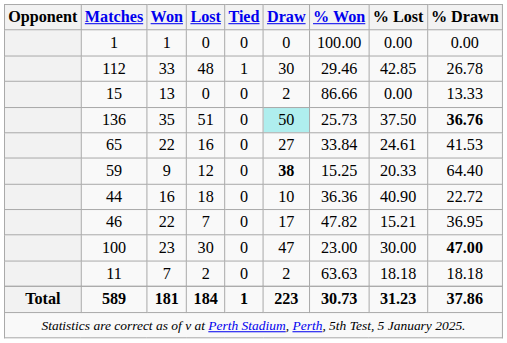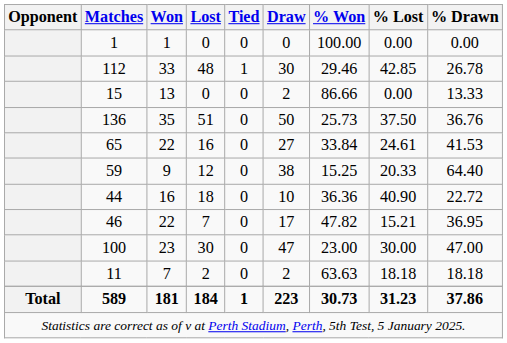 <table class="wikitable sortable" style="text-align:center">
 <tr>
 <th scope="col">Opponent</th>
 <th scope="col"><a href='#'>Matches</a></th>
 <th scope="col"><a href='#'>Won</a></th>
 <th scope="col"><a href='#'>Lost</a></th>
 <th scope="col"><a href='#'>Tied</a></th>
 <th scope="col"><a href='#'>Draw</a></th>
 <th scope="col"><a href='#'>% Won</a></th>
 <th scope="col">% Lost</th>
 <th scope="col">% Drawn</th>
 </tr>
 <tr>
 <th scope="row"></th>
 <td>1</td>
 <td>1</td>
 <td>0</td>
 <td>0</td>
 <td>0</td>
 <td>100.00</td>
 <td>0.00</td>
 <td>0.00</td>
 </tr>
 <tr>
 <th scope="row"></th>
 <td>112</td>
 <td>33</td>
 <td>48</td>
 <td>1</td>
 <td>30</td>
 <td>29.46</td>
 <td>42.85</td>
 <td>26.78</td>
 </tr>
 <tr>
 <th scope="row"></th>
 <td>15</td>
 <td>13</td>
 <td>0</td>
 <td>0</td>
 <td>2</td>
 <td>86.66</td>
 <td>0.00</td>
 <td>13.33</td>
 </tr>
 <tr>
 <th scope="row"></th>
 <td>136</td>
 <td>35</td>
 <td>51</td>
 <td>0</td>
-<td style="background: paleturquoise;">50</td>
+<td>50</td>
 <td>25.73</td>
 <td>37.50</td>
-<td><strong>36.76</strong></td>
+<td>36.76</td>
 </tr>
 <tr>
 <th scope="row"></th>
 <td>65</td>
 <td>22</td>
 <td>16</td>
 <td>0</td>
 <td>27</td>
 <td>33.84</td>
 <td>24.61</td>
 <td>41.53</td>
 </tr>
 <tr>
 <th scope="row"></th>
 <td>59</td>
 <td>9</td>
 <td>12</td>
 <td>0</td>
-<td><strong>38</strong></td>
+<td>38</td>
 <td>15.25</td>
 <td>20.33</td>
 <td>64.40</td>
 </tr>
 <tr>
 <th scope="row"></th>
 <td>44</td>
 <td>16</td>
 <td>18</td>
 <td>0</td>
 <td>10</td>
 <td>36.36</td>
 <td>40.90</td>
 <td>22.72</td>
 </tr>
 <tr>
 <th scope="row"></th>
 <td>46</td>
 <td>22</td>
 <td>7</td>
 <td>0</td>
 <td>17</td>
 <td>47.82</td>
 <td>15.21</td>
 <td>36.95</td>
 </tr>
 <tr>
 <th scope="row"></th>
 <td>100</td>
 <td>23</td>
 <td>30</td>
 <td>0</td>
 <td>47</td>
 <td>23.00</td>
 <td>30.00</td>
-<td><strong>47.00</strong></td>
+<td>47.00</td>
 </tr>
 <tr>
 <th scope="row"></th>
 <td>11</td>
 <td>7</td>
 <td>2</td>
 <td>0</td>
 <td>2</td>
 <td>63.63</td>
 <td>18.18</td>
 <td>18.18</td>
 </tr>
 <tr>
 </tr>
 <tr class="sortbottom">
 <th scope="row" style="text-align:center"><strong>Total</strong></th>
 <td><strong>589</strong></td>
 <td><strong>181</strong></td>
 <td><strong>184</strong></td>
 <td><strong>1</strong></td>
 <td><strong>223</strong></td>
 <td><strong>30.73</strong></td>
 <td><strong>31.23</strong></td>
 <td><strong>37.86</strong></td>
 </tr>
 <tr>
 <td colspan=11><small><em>Statistics are correct as of  v  at <a href='#'>Perth Stadium</a>, <a href='#'>Perth</a>, 5th Test, 5 January 2025.</em></small></td>
 </tr>
 </table>
